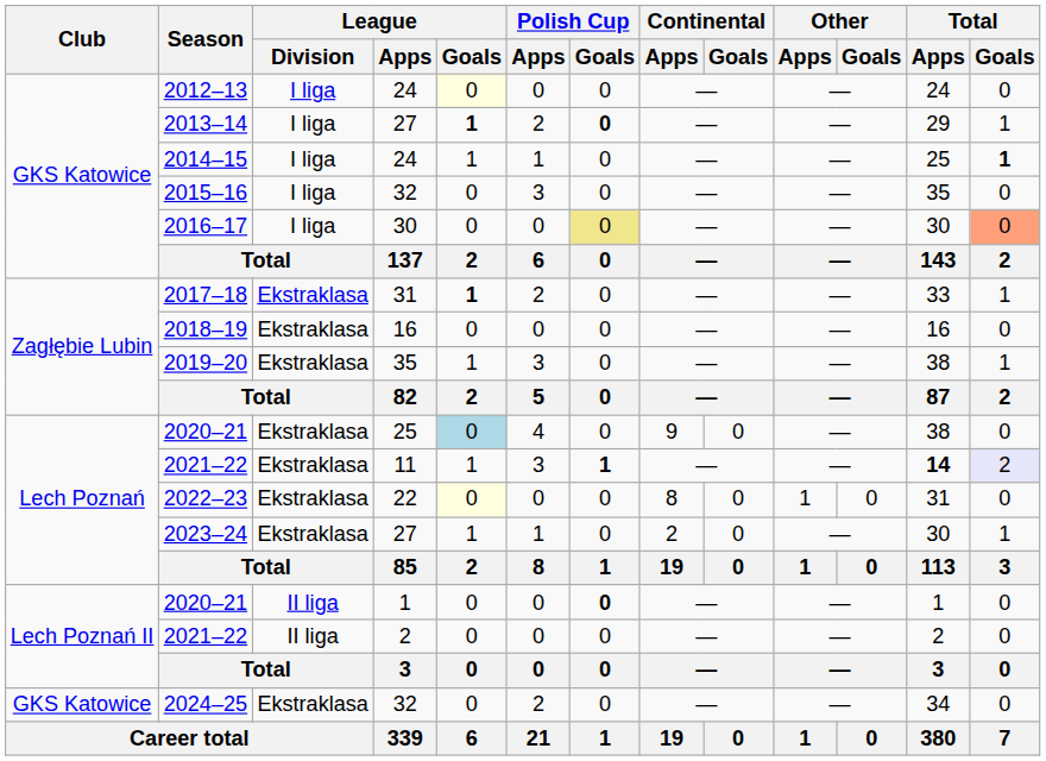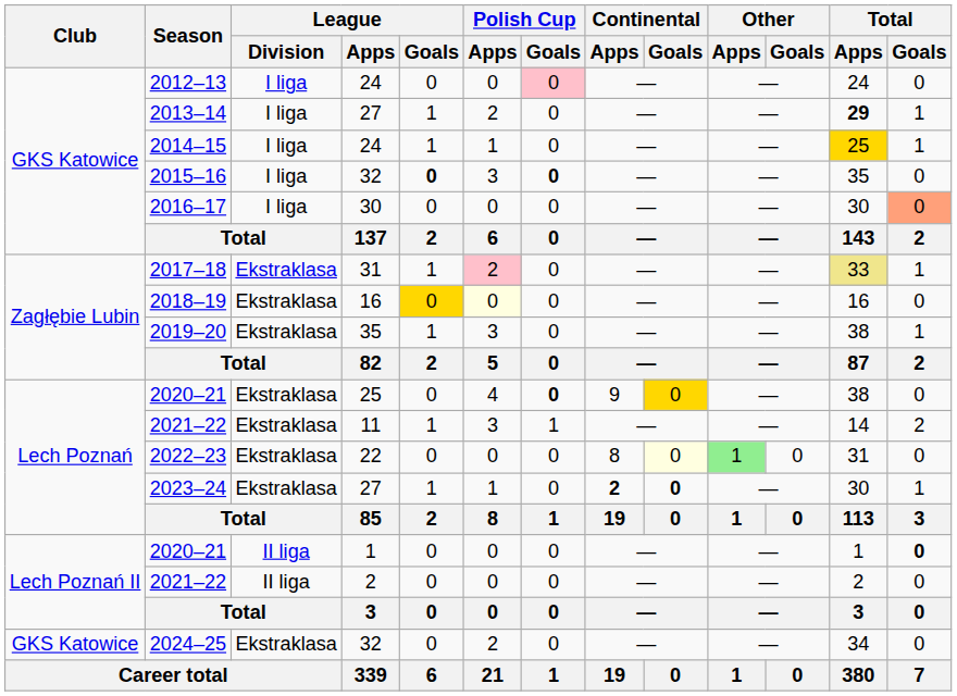 <table class=wikitable style="text-align: center">
 <tr>
 <th rowspan=2>Club</th>
 <th rowspan=2>Season</th>
 <th colspan=3>League</th>
 <th colspan=2><a href='#'>Polish Cup</a></th>
 <th colspan=2>Continental</th>
 <th colspan=2>Other</th>
 <th colspan=2>Total</th>
 </tr>
 <tr>
 <th>Division</th>
 <th>Apps</th>
 <th>Goals</th>
 <th>Apps</th>
 <th>Goals</th>
 <th>Apps</th>
 <th>Goals</th>
 <th>Apps</th>
 <th>Goals</th>
 <th>Apps</th>
 <th>Goals</th>
 </tr>
 <tr>
 <td rowspan="6"><a href='#'>GKS Katowice</a></td>
 <td><a href='#'>2012–13</a></td>
 <td><a href='#'>I liga</a></td>
 <td>24</td>
-<td style="background: lightyellow;">0</td>
 <td>0</td>
 <td>0</td>
+<td style="background: pink;">0</td>
 <td colspan="2">—</td>
 <td colspan="2">—</td>
 <td>24</td>
 <td>0</td>
 </tr>
 <tr>
 <td><a href='#'>2013–14</a></td>
 <td>I liga</td>
 <td>27</td>
-<td><strong>1</strong></td>
+<td>1</td>
 <td>2</td>
-<td><strong>0</strong></td>
+<td>0</td>
 <td colspan="2">—</td>
 <td colspan="2">—</td>
-<td>29</td>
+<td><strong>29</strong></td>
 <td>1</td>
 </tr>
 <tr>
 <td><a href='#'>2014–15</a></td>
 <td>I liga</td>
 <td>24</td>
 <td>1</td>
 <td>1</td>
 <td>0</td>
 <td colspan="2">—</td>
 <td colspan="2">—</td>
-<td>25</td>
-<td><strong>1</strong></td>
+<td style="background: gold;">25</td>
+<td>1</td>
 </tr>
 <tr>
 <td><a href='#'>2015–16</a></td>
 <td>I liga</td>
 <td>32</td>
-<td>0</td>
+<td><strong>0</strong></td>
 <td>3</td>
-<td>0</td>
+<td><strong>0</strong></td>
 <td colspan="2">—</td>
 <td colspan="2">—</td>
 <td>35</td>
 <td>0</td>
 </tr>
 <tr>
 <td><a href='#'>2016–17</a></td>
 <td>I liga</td>
 <td>30</td>
 <td>0</td>
 <td>0</td>
-<td style="background: khaki;">0</td>
+<td>0</td>
 <td colspan="2">—</td>
 <td colspan="2">—</td>
 <td>30</td>
 <td style="background: lightsalmon;">0</td>
 </tr>
 <tr>
 <th colspan="2">Total</th>
 <th>137</th>
 <th>2</th>
 <th>6</th>
 <th>0</th>
 <th colspan="2">—</th>
 <th colspan="2">—</th>
 <th>143</th>
 <th>2</th>
 </tr>
 <tr>
 <td rowspan="4"><a href='#'>Zagłębie Lubin</a></td>
 <td><a href='#'>2017–18</a></td>
 <td><a href='#'>Ekstraklasa</a></td>
 <td>31</td>
-<td><strong>1</strong></td>
-<td>2</td>
+<td>1</td>
+<td style="background: pink;">2</td>
 <td>0</td>
 <td colspan="2">—</td>
 <td colspan="2">—</td>
-<td>33</td>
+<td style="background: khaki;">33</td>
 <td>1</td>
 </tr>
 <tr>
 <td><a href='#'>2018–19</a></td>
 <td>Ekstraklasa</td>
 <td>16</td>
-<td>0</td>
-<td>0</td>
+<td style="background: gold;">0</td>
+<td style="background: lightyellow;">0</td>
 <td>0</td>
 <td colspan="2">—</td>
 <td colspan="2">—</td>
 <td>16</td>
 <td>0</td>
 </tr>
 <tr>
 <td><a href='#'>2019–20</a></td>
 <td>Ekstraklasa</td>
 <td>35</td>
 <td>1</td>
 <td>3</td>
 <td>0</td>
 <td colspan="2">—</td>
 <td colspan="2">—</td>
 <td>38</td>
 <td>1</td>
 </tr>
 <tr>
 <th colspan="2">Total</th>
 <th>82</th>
 <th>2</th>
 <th>5</th>
 <th>0</th>
 <th colspan="2">—</th>
 <th colspan="2">—</th>
 <th>87</th>
 <th>2</th>
 </tr>
 <tr>
 <td rowspan="5"><a href='#'>Lech Poznań</a></td>
 <td><a href='#'>2020–21</a></td>
 <td>Ekstraklasa</td>
 <td>25</td>
-<td style="background: lightblue;">0</td>
+<td>0</td>
 <td>4</td>
-<td>0</td>
+<td><strong>0</strong></td>
 <td>9</td>
-<td>0</td>
+<td style="background: gold;">0</td>
 <td colspan="2">—</td>
 <td>38</td>
 <td>0</td>
 </tr>
 <tr>
 <td><a href='#'>2021–22</a></td>
 <td>Ekstraklasa</td>
 <td>11</td>
 <td>1</td>
 <td>3</td>
-<td><strong>1</strong></td>
+<td>1</td>
 <td colspan="2">—</td>
 <td colspan="2">—</td>
-<td><strong>14</strong></td>
-<td style="background: lavender;">2</td>
+<td>14</td>
+<td>2</td>
 </tr>
 <tr>
 <td><a href='#'>2022–23</a></td>
 <td>Ekstraklasa</td>
 <td>22</td>
-<td style="background: lightyellow;">0</td>
+<td>0</td>
 <td>0</td>
 <td>0</td>
 <td>8</td>
-<td>0</td>
-<td>1</td>
+<td style="background: lightyellow;">0</td>
+<td style="background: lightgreen;">1</td>
 <td>0</td>
 <td>31</td>
 <td>0</td>
 </tr>
 <tr>
 <td><a href='#'>2023–24</a></td>
 <td>Ekstraklasa</td>
 <td>27</td>
 <td>1</td>
 <td>1</td>
 <td>0</td>
-<td>2</td>
-<td>0</td>
+<td><strong>2</strong></td>
+<td><strong>0</strong></td>
 <td colspan="2">—</td>
 <td>30</td>
 <td>1</td>
 </tr>
 <tr>
 <th colspan="2">Total</th>
 <th>85</th>
 <th>2</th>
 <th>8</th>
 <th>1</th>
 <th>19</th>
 <th>0</th>
 <th>1</th>
 <th>0</th>
 <th>113</th>
 <th>3</th>
 </tr>
 <tr>
 <td rowspan="3"><a href='#'>Lech Poznań II</a></td>
 <td><a href='#'>2020–21</a></td>
 <td><a href='#'>II liga</a></td>
 <td>1</td>
 <td>0</td>
 <td>0</td>
-<td><strong>0</strong></td>
+<td>0</td>
 <td colspan="2">—</td>
 <td colspan="2">—</td>
 <td>1</td>
-<td>0</td>
+<td><strong>0</strong></td>
 </tr>
 <tr>
 <td><a href='#'>2021–22</a></td>
 <td>II liga</td>
 <td>2</td>
 <td>0</td>
 <td>0</td>
 <td>0</td>
 <td colspan="2">—</td>
 <td colspan="2">—</td>
 <td>2</td>
 <td>0</td>
 </tr>
 <tr>
 <th colspan="2">Total</th>
 <th>3</th>
 <th>0</th>
 <th>0</th>
 <th>0</th>
 <th colspan="2">—</th>
 <th colspan="2">—</th>
 <th>3</th>
 <th>0</th>
 </tr>
 <tr>
 <td><a href='#'>GKS Katowice</a></td>
 <td><a href='#'>2024–25</a></td>
 <td>Ekstraklasa</td>
 <td>32</td>
 <td>0</td>
 <td>2</td>
 <td>0</td>
 <td colspan="2">—</td>
 <td colspan="2">—</td>
 <td>34</td>
 <td>0</td>
 </tr>
 <tr>
 <th colspan="3">Career total</th>
 <th>339</th>
 <th>6</th>
 <th>21</th>
 <th>1</th>
 <th>19</th>
 <th>0</th>
 <th>1</th>
 <th>0</th>
 <th>380</th>
 <th>7</th>
 </tr>
 </table>
